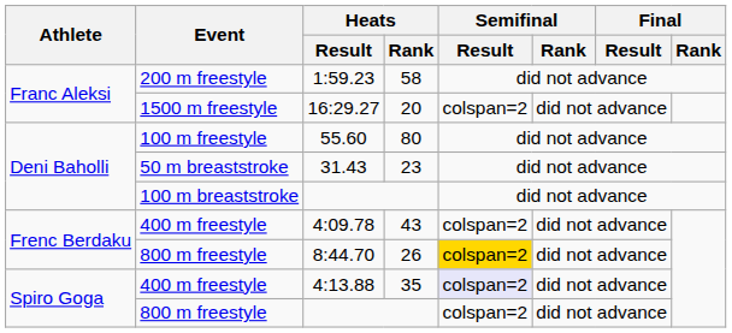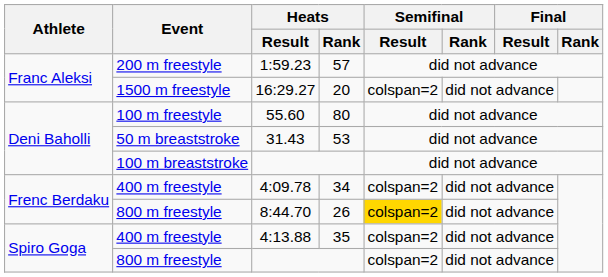 <table class="wikitable" border="1" style="font-size:90%; text-align:center">
 <tr>
 <th rowspan="2">Athlete</th>
 <th rowspan="2">Event</th>
 <th colspan="2">Heats</th>
 <th colspan="2">Semifinal</th>
 <th colspan="2">Final</th>
 </tr>
 <tr>
 <th>Result</th>
 <th>Rank</th>
 <th>Result</th>
 <th>Rank</th>
 <th>Result</th>
 <th>Rank</th>
 </tr>
 <tr>
 <td rowspan="2" align="left"><a href='#'>Franc Aleksi</a></td>
 <td align="left"><a href='#'>200 m freestyle</a></td>
 <td>1:59.23</td>
-<td>58</td>
+<td>57</td>
 <td colspan=4>did not advance</td>
 </tr>
 <tr>
 <td align="left"><a href='#'>1500 m freestyle</a></td>
 <td>16:29.27</td>
 <td>20</td>
 <td>colspan=2</td>
 <td colspan=2>did not advance</td>
 </tr>
 <tr>
 <td rowspan="3" align="left"><a href='#'>Deni Baholli</a></td>
 <td align="left"><a href='#'>100 m freestyle</a></td>
 <td>55.60</td>
 <td>80</td>
 <td colspan=4>did not advance</td>
 </tr>
 <tr>
 <td align="left"><a href='#'>50 m breaststroke</a></td>
 <td>31.43</td>
-<td>23</td>
+<td>53</td>
 <td colspan=4>did not advance</td>
 </tr>
 <tr>
 <td align="left"><a href='#'>100 m breaststroke</a></td>
 <td colspan=2></td>
 <td colspan=4>did not advance</td>
 </tr>
 <tr>
 <td rowspan="2" align="left"><a href='#'>Frenc Berdaku</a></td>
 <td align="left"><a href='#'>400 m freestyle</a></td>
 <td>4:09.78</td>
-<td>43</td>
+<td>34</td>
 <td>colspan=2</td>
 <td colspan=2>did not advance</td>
 </tr>
 <tr>
 <td align="left"><a href='#'>800 m freestyle</a></td>
 <td>8:44.70</td>
 <td>26</td>
 <td style="background: gold;">colspan=2</td>
 <td colspan=2>did not advance</td>
 </tr>
 <tr>
 <td rowspan="2" align="left"><a href='#'>Spiro Goga</a></td>
 <td align="left"><a href='#'>400 m freestyle</a></td>
 <td>4:13.88</td>
 <td>35</td>
-<td style="background: lavender;">colspan=2</td>
+<td>colspan=2</td>
 <td colspan=2>did not advance</td>
 </tr>
 <tr>
 <td align="left"><a href='#'>800 m freestyle</a></td>
 <td colspan=2></td>
 <td>colspan=2</td>
 <td colspan=2>did not advance</td>
 </tr>
 </table>
